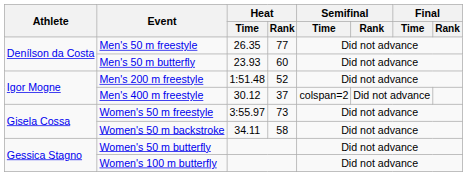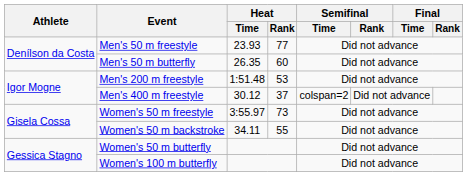 <table class=wikitable style="font-size:90%">
 <tr>
 <th rowspan="2">Athlete</th>
 <th rowspan="2">Event</th>
 <th colspan="2">Heat</th>
 <th colspan="2">Semifinal</th>
 <th colspan="2">Final</th>
 </tr>
 <tr style="font-size:95%">
 <th>Time</th>
 <th>Rank</th>
 <th>Time</th>
 <th>Rank</th>
 <th>Time</th>
 <th>Rank</th>
 </tr>
 <tr align=center>
 <td align=left rowspan=2><a href='#'>Denílson da Costa</a></td>
 <td align=left><a href='#'>Men's 50 m freestyle</a></td>
-<td>26.35</td>
+<td>23.93</td>
 <td>77</td>
 <td colspan=4>Did not advance</td>
 </tr>
 <tr align=center>
 <td align=left><a href='#'>Men's 50 m butterfly</a></td>
-<td>23.93</td>
+<td>26.35</td>
 <td>60</td>
 <td colspan=4>Did not advance</td>
 </tr>
 <tr align=center>
 <td align=left rowspan=2><a href='#'>Igor Mogne</a></td>
 <td align=left><a href='#'>Men's 200 m freestyle</a></td>
 <td>1:51.48</td>
-<td>52</td>
+<td>53</td>
 <td colspan=4>Did not advance</td>
 </tr>
 <tr align=center>
 <td align=left><a href='#'>Men's 400 m freestyle</a></td>
 <td>30.12</td>
 <td>37</td>
 <td>colspan=2 </td>
 <td colspan=2>Did not advance</td>
 </tr>
 <tr align=center>
 <td align=left rowspan=2><a href='#'>Gisela Cossa</a></td>
 <td align=left><a href='#'>Women's 50 m freestyle</a></td>
 <td>3:55.97</td>
 <td>73</td>
 <td colspan=4>Did not advance</td>
 </tr>
 <tr align=center>
 <td align=left><a href='#'>Women's 50 m backstroke</a></td>
 <td>34.11</td>
-<td>58</td>
+<td>55</td>
 <td colspan=4>Did not advance</td>
 </tr>
 <tr align=center>
 <td align=left rowspan=2><a href='#'>Gessica Stagno</a></td>
 <td align=left><a href='#'>Women's 50 m butterfly</a></td>
 <td colspan=2></td>
 <td colspan=4>Did not advance</td>
 </tr>
 <tr align=center>
 <td align=left><a href='#'>Women's 100 m butterfly</a></td>
 <td colspan=2></td>
 <td colspan=4>Did not advance</td>
 </tr>
 </table>
